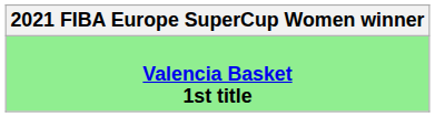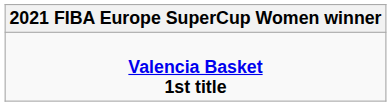 <table class=wikitable style="text-align:center; margin:auto">
 <tr>
 <th>2021 FIBA Europe SuperCup Women winner</th>
 </tr>
 <tr>
-<td style="background: lightgreen;"><br><strong><a href='#'>Valencia Basket</a></strong><br><strong>1st title</strong></td>
+<td><br><strong><a href='#'>Valencia Basket</a></strong><br><strong>1st title</strong></td>
 </tr>
 </table>
